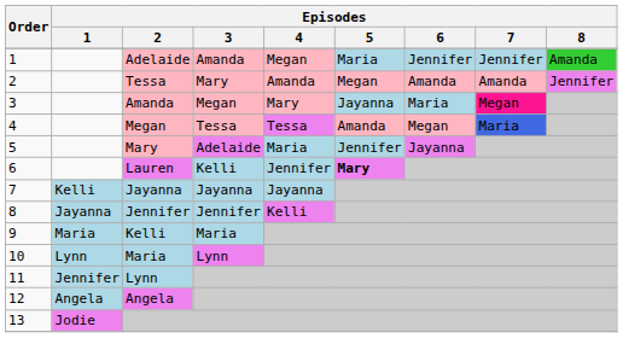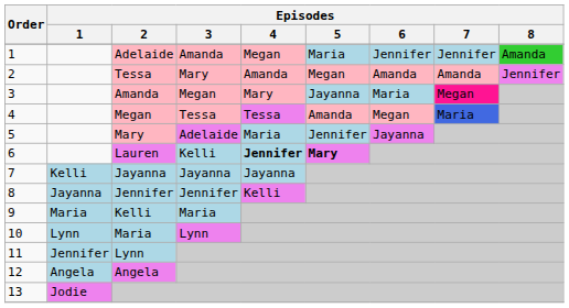 <table class="wikitable">
 <tr>
 <th rowspan=2>Order</th>
 <th colspan=8>Episodes</th>
 </tr>
 <tr>
 <th>1</th>
 <th>2</th>
 <th>3</th>
 <th>4</th>
 <th>5</th>
 <th>6</th>
 <th>7</th>
 <th>8</th>
 </tr>
 <tr>
 </tr>
 <tr>
 <td>1</td>
 <td></td>
 <td style="background-color:lightpink;">Adelaide</td>
 <td style="background-color:lightpink;">Amanda</td>
 <td style="background-color:lightpink;">Megan</td>
 <td style="background-color:lightblue;">Maria</td>
 <td style="background-color:lightblue;">Jennifer</td>
 <td style="background-color:lightblue;">Jennifer</td>
 <td style="background-color:limegreen;">Amanda</td>
 </tr>
 <tr>
 <td>2</td>
 <td></td>
 <td style="background-color:lightpink;">Tessa</td>
 <td style="background-color:lightpink;">Mary</td>
 <td style="background-color:lightpink;">Amanda</td>
 <td style="background-color:lightpink;">Megan</td>
 <td style="background-color:lightpink;">Amanda</td>
 <td style="background-color:lightpink;">Amanda</td>
 <td style="background-color:violet;">Jennifer</td>
 </tr>
 <tr>
 <td>3</td>
 <td></td>
 <td style="background-color:lightpink;">Amanda</td>
 <td style="background-color:lightpink;">Megan</td>
 <td style="background-color:lightpink;">Mary</td>
 <td style="background-color:lightblue;">Jayanna</td>
 <td style="background-color:lightblue;">Maria</td>
 <td style="background-color:deeppink;">Megan</td>
 <td style="background:#CCCCCC;" colspan="1"></td>
 </tr>
 <tr>
 <td>4</td>
 <td></td>
 <td style="background-color:lightpink;">Megan</td>
 <td style="background-color:lightpink;">Tessa</td>
 <td style="background-color:violet;">Tessa</td>
 <td style="background-color:lightpink;">Amanda</td>
 <td style="background-color:lightpink;">Megan</td>
 <td style="background-color:royalblue;">Maria</td>
 <td style="background:#CCCCCC;" colspan="1"></td>
 </tr>
 <tr>
 <td>5</td>
 <td></td>
 <td style="background-color:lightpink;">Mary</td>
 <td style="background-color:violet;">Adelaide</td>
 <td style="background-color:lightblue;">Maria</td>
 <td style="background-color:lightblue;">Jennifer</td>
 <td style="background-color:violet;">Jayanna</td>
 <td style="background:#CCCCCC;" colspan="2"></td>
 </tr>
 <tr>
 <td>6</td>
 <td></td>
 <td style="background-color:violet;">Lauren</td>
 <td style="background-color:lightblue;">Kelli</td>
-<td style="background-color:lightblue;">Jennifer</td>
+<td style="background-color:lightblue;"><strong>Jennifer</strong></td>
 <td style="background-color:violet;"><strong>Mary</strong></td>
 <td style="background:#CCCCCC;" colspan="3"></td>
 </tr>
 <tr>
 <td>7</td>
 <td style="background-color:lightblue;">Kelli</td>
 <td style="background-color:lightblue;">Jayanna</td>
 <td style="background-color:lightblue;">Jayanna</td>
 <td style="background-color:lightblue;">Jayanna</td>
 <td style="background:#CCCCCC;" colspan="4"></td>
 </tr>
 <tr>
 <td>8</td>
 <td style="background-color:lightblue;">Jayanna</td>
 <td style="background-color:lightblue;">Jennifer</td>
 <td style="background-color:lightblue;">Jennifer</td>
 <td style="background:violet">Kelli</td>
 <td style="background:#CCCCCC;" colspan="5"></td>
 </tr>
 <tr>
 <td>9</td>
 <td style="background-color:lightblue;">Maria</td>
 <td style="background-color:lightblue;">Kelli</td>
 <td style="background:lightblue">Maria</td>
 <td style="background:#CCCCCC;" colspan="6"></td>
 </tr>
 <tr>
 <td>10</td>
 <td style="background-color:lightblue;">Lynn</td>
 <td style="background-color:lightblue;">Maria</td>
 <td style="background:violet">Lynn</td>
 <td style="background:#CCCCCC;" colspan="7"></td>
 </tr>
 <tr>
 <td>11</td>
 <td style="background-color:lightblue;">Jennifer</td>
 <td style="background:lightblue">Lynn</td>
 <td style="background:#CCCCCC;" colspan="8"></td>
 </tr>
 <tr>
 <td>12</td>
 <td style="background-color:lightblue;">Angela</td>
 <td style="background-color:violet;">Angela</td>
 <td style="background:#CCCCCC;" colspan="9"></td>
 </tr>
 <tr>
 <td>13</td>
 <td style="background-color:violet;">Jodie</td>
 <td style="background:#CCCCCC;" colspan="10"></td>
 </tr>
 <tr>
 </tr>
 </table>
